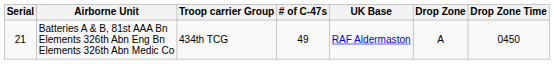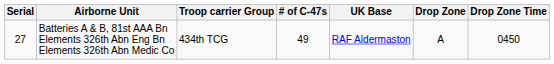 <table class="wikitable">
 <tr>
 <th align = center>Serial</th>
 <th align=center>Airborne Unit</th>
 <th align=center>Troop carrier Group</th>
 <th align=center># of C-47s</th>
 <th align=center>UK Base</th>
 <th align=center>Drop Zone</th>
 <th align=center>Drop Zone Time</th>
 </tr>
 <tr>
-<td align = center>21</td>
+<td align = center>27</td>
 <td>Batteries A & B, 81st AAA Bn <br> Elements 326th Abn Eng Bn <br> Elements 326th Abn Medic Co</td>
 <td>434th TCG</td>
 <td align=center>49</td>
 <td><a href='#'>RAF Aldermaston</a></td>
 <td align=center>A</td>
 <td align=center>0450</td>
 </tr>
 </table>
